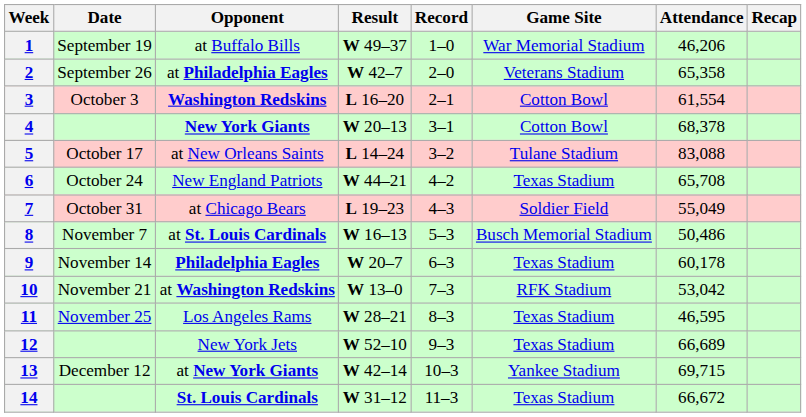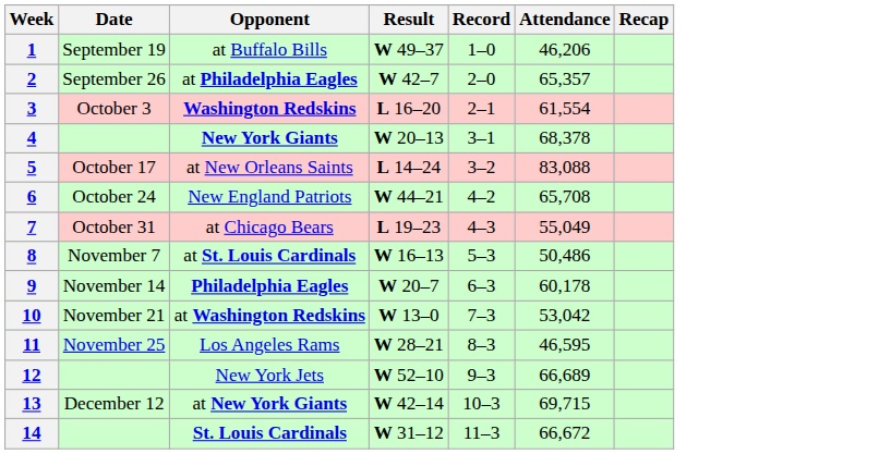 <table class="wikitable" style="text-align:center">
 <tr>
 <th>Week</th>
 <th>Date</th>
 <th>Opponent</th>
 <th>Result</th>
 <th>Record</th>
-<th>Game Site</th>
 <th>Attendance</th>
 <th>Recap</th>
 </tr>
 <tr style="background: #cfc">
 <th><a href='#'>1</a></th>
 <td>September 19</td>
 <td>at <a href='#'>Buffalo Bills</a></td>
 <td><strong>W</strong> 49–37</td>
 <td>1–0</td>
-<td><a href='#'>War Memorial Stadium</a></td>
 <td>46,206</td>
 <td></td>
 </tr>
 <tr style="background: #cfc">
 <th><a href='#'>2</a></th>
 <td>September 26</td>
 <td>at <strong><a href='#'>Philadelphia Eagles</a></strong></td>
 <td><strong>W</strong> 42–7</td>
 <td>2–0</td>
-<td><a href='#'>Veterans Stadium</a></td>
-<td>65,358</td>
+<td>65,357</td>
 <td></td>
 </tr>
 <tr style="background: #fcc">
 <th><a href='#'>3</a></th>
 <td>October 3</td>
 <td><strong><a href='#'>Washington Redskins</a></strong></td>
 <td><strong>L</strong> 16–20</td>
 <td>2–1</td>
-<td><a href='#'>Cotton Bowl</a></td>
 <td>61,554</td>
 <td></td>
 </tr>
 <tr style="background: #cfc">
 <th><a href='#'>4</a></th>
 <td></td>
 <td><strong><a href='#'>New York Giants</a></strong></td>
 <td><strong>W</strong> 20–13</td>
 <td>3–1</td>
-<td><a href='#'>Cotton Bowl</a></td>
 <td>68,378</td>
 <td></td>
 </tr>
 <tr style="background: #fcc">
 <th><a href='#'>5</a></th>
 <td>October 17</td>
 <td>at <a href='#'>New Orleans Saints</a></td>
 <td><strong>L</strong> 14–24</td>
 <td>3–2</td>
-<td><a href='#'>Tulane Stadium</a></td>
 <td>83,088</td>
 <td></td>
 </tr>
 <tr style="background: #cfc">
 <th><a href='#'>6</a></th>
 <td>October 24</td>
 <td><a href='#'>New England Patriots</a></td>
 <td><strong>W</strong> 44–21</td>
 <td>4–2</td>
-<td><a href='#'>Texas Stadium</a></td>
 <td>65,708</td>
 <td></td>
 </tr>
 <tr style="background: #fcc">
 <th><a href='#'>7</a></th>
 <td>October 31</td>
 <td>at <a href='#'>Chicago Bears</a></td>
 <td><strong>L</strong> 19–23</td>
 <td>4–3</td>
-<td><a href='#'>Soldier Field</a></td>
 <td>55,049</td>
 <td></td>
 </tr>
 <tr style="background: #cfc">
 <th><a href='#'>8</a></th>
 <td>November 7</td>
 <td>at <strong><a href='#'>St. Louis Cardinals</a></strong></td>
 <td><strong>W</strong> 16–13</td>
 <td>5–3</td>
-<td><a href='#'>Busch Memorial Stadium</a></td>
 <td>50,486</td>
 <td></td>
 </tr>
 <tr style="background: #cfc">
 <th><a href='#'>9</a></th>
 <td>November 14</td>
 <td><strong><a href='#'>Philadelphia Eagles</a></strong></td>
 <td><strong>W</strong> 20–7</td>
 <td>6–3</td>
-<td><a href='#'>Texas Stadium</a></td>
 <td>60,178</td>
 <td></td>
 </tr>
 <tr style="background: #cfc">
 <th><a href='#'>10</a></th>
 <td>November 21</td>
 <td>at <strong><a href='#'>Washington Redskins</a></strong></td>
 <td><strong>W</strong> 13–0</td>
 <td>7–3</td>
-<td><a href='#'>RFK Stadium</a></td>
 <td>53,042</td>
 <td></td>
 </tr>
 <tr style="background: #cfc">
 <th><a href='#'>11</a></th>
 <td><a href='#'>November 25</a></td>
 <td><a href='#'>Los Angeles Rams</a></td>
 <td><strong>W</strong> 28–21</td>
 <td>8–3</td>
-<td><a href='#'>Texas Stadium</a></td>
 <td>46,595</td>
 <td></td>
 </tr>
 <tr style="background: #cfc">
 <th><a href='#'>12</a></th>
 <td></td>
 <td><a href='#'>New York Jets</a></td>
 <td><strong>W</strong> 52–10</td>
 <td>9–3</td>
-<td><a href='#'>Texas Stadium</a></td>
 <td>66,689</td>
 <td></td>
 </tr>
 <tr style="background: #cfc">
 <th><a href='#'>13</a></th>
 <td>December 12</td>
 <td>at <strong><a href='#'>New York Giants</a></strong></td>
 <td><strong>W</strong> 42–14</td>
 <td>10–3</td>
-<td><a href='#'>Yankee Stadium</a></td>
 <td>69,715</td>
 <td></td>
 </tr>
 <tr style="background: #cfc">
 <th><a href='#'>14</a></th>
 <td></td>
 <td><strong><a href='#'>St. Louis Cardinals</a></strong></td>
 <td><strong>W</strong> 31–12</td>
 <td>11–3</td>
-<td><a href='#'>Texas Stadium</a></td>
 <td>66,672</td>
 <td></td>
 </tr>
 </table>
